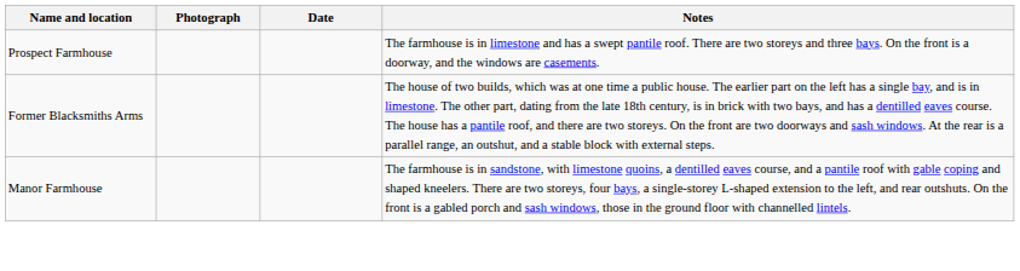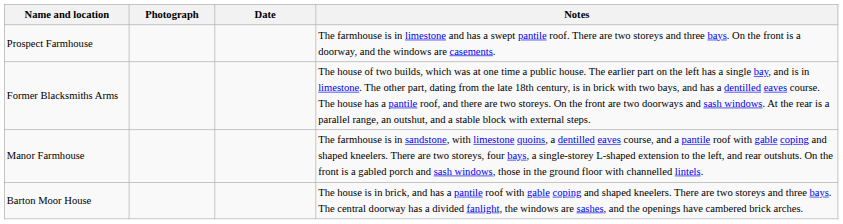 <table class="wikitable sortable plainrowheaders" style="width:100%;border:0px;text-align:left;line-height:150%;">
 <tr>
 <th scope="col"  style="width:150px">Name and location</th>
 <th scope="col"  style="width:100px" class="unsortable">Photograph</th>
 <th scope="col"  style="width:120px">Date</th>
 <th scope="col"  style="width:650px" class="unsortable">Notes</th>
 </tr>
 <tr>
 <td>Prospect Farmhouse<br><small></small></td>
 <td></td>
 <td align="center"></td>
 <td>The farmhouse is in <a href='#'>limestone</a> and has a swept <a href='#'>pantile</a> roof.  There are two storeys and three <a href='#'>bays</a>.  On the front is a doorway, and the windows are <a href='#'>casements</a>.</td>
 </tr>
 <tr>
 <td>Former Blacksmiths Arms<br><small></small></td>
 <td></td>
 <td align="center"></td>
 <td>The house of two builds, which was at one time a public house.  The earlier part on the left has a single <a href='#'>bay</a>, and is in <a href='#'>limestone</a>.  The other part, dating from the late 18th century, is in brick with two bays, and has a <a href='#'>dentilled</a> <a href='#'>eaves</a> course.  The house has a <a href='#'>pantile</a> roof, and there are two storeys.  On the front are two doorways and <a href='#'>sash windows</a>.  At the rear is a parallel range, an outshut, and a stable block with external steps.</td>
 </tr>
 <tr>
 <td>Manor Farmhouse<br><small></small></td>
 <td></td>
 <td align="center"></td>
 <td>The farmhouse is in <a href='#'>sandstone</a>, with <a href='#'>limestone</a> <a href='#'>quoins</a>, a <a href='#'>dentilled</a> <a href='#'>eaves</a> course, and a <a href='#'>pantile</a> roof with <a href='#'>gable</a> <a href='#'>coping</a> and shaped kneelers.  There are two storeys, four <a href='#'>bays</a>, a single-storey L-shaped extension to the left, and rear outshuts.  On the front is a gabled porch and <a href='#'>sash windows</a>, those in the ground floor with channelled <a href='#'>lintels</a>.</td>
 </tr>
 <tr>
+<td>Barton Moor House<br><small></small></td>
+<td></td>
+<td align="center"></td>
+<td>The house is in brick, and has a <a href='#'>pantile</a> roof with <a href='#'>gable</a> <a href='#'>coping</a> and shaped kneelers.  There are two storeys and three <a href='#'>bays</a>.  The central doorway has a divided <a href='#'>fanlight</a>, the windows are <a href='#'>sashes</a>, and the openings have cambered brick arches.</td>
+</tr>
+<tr>
 </tr>
 </table>
